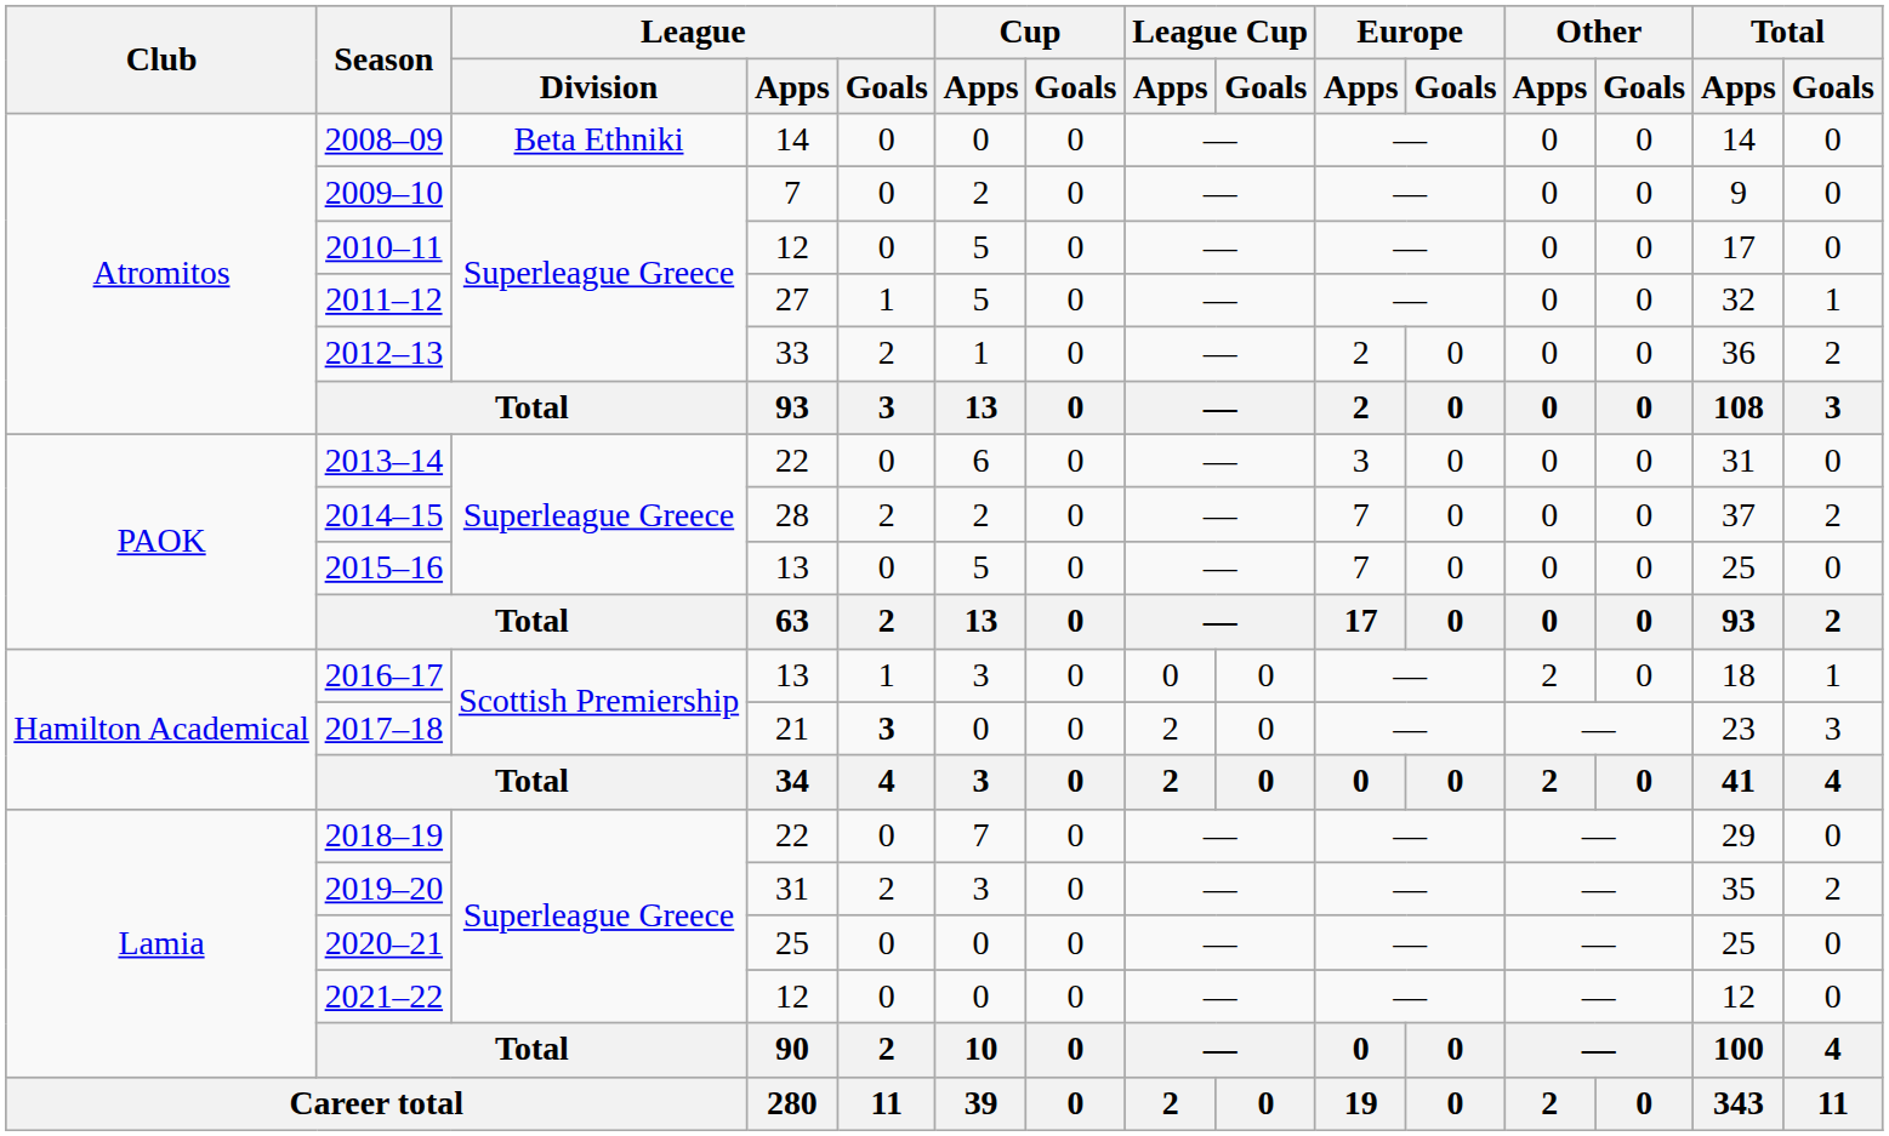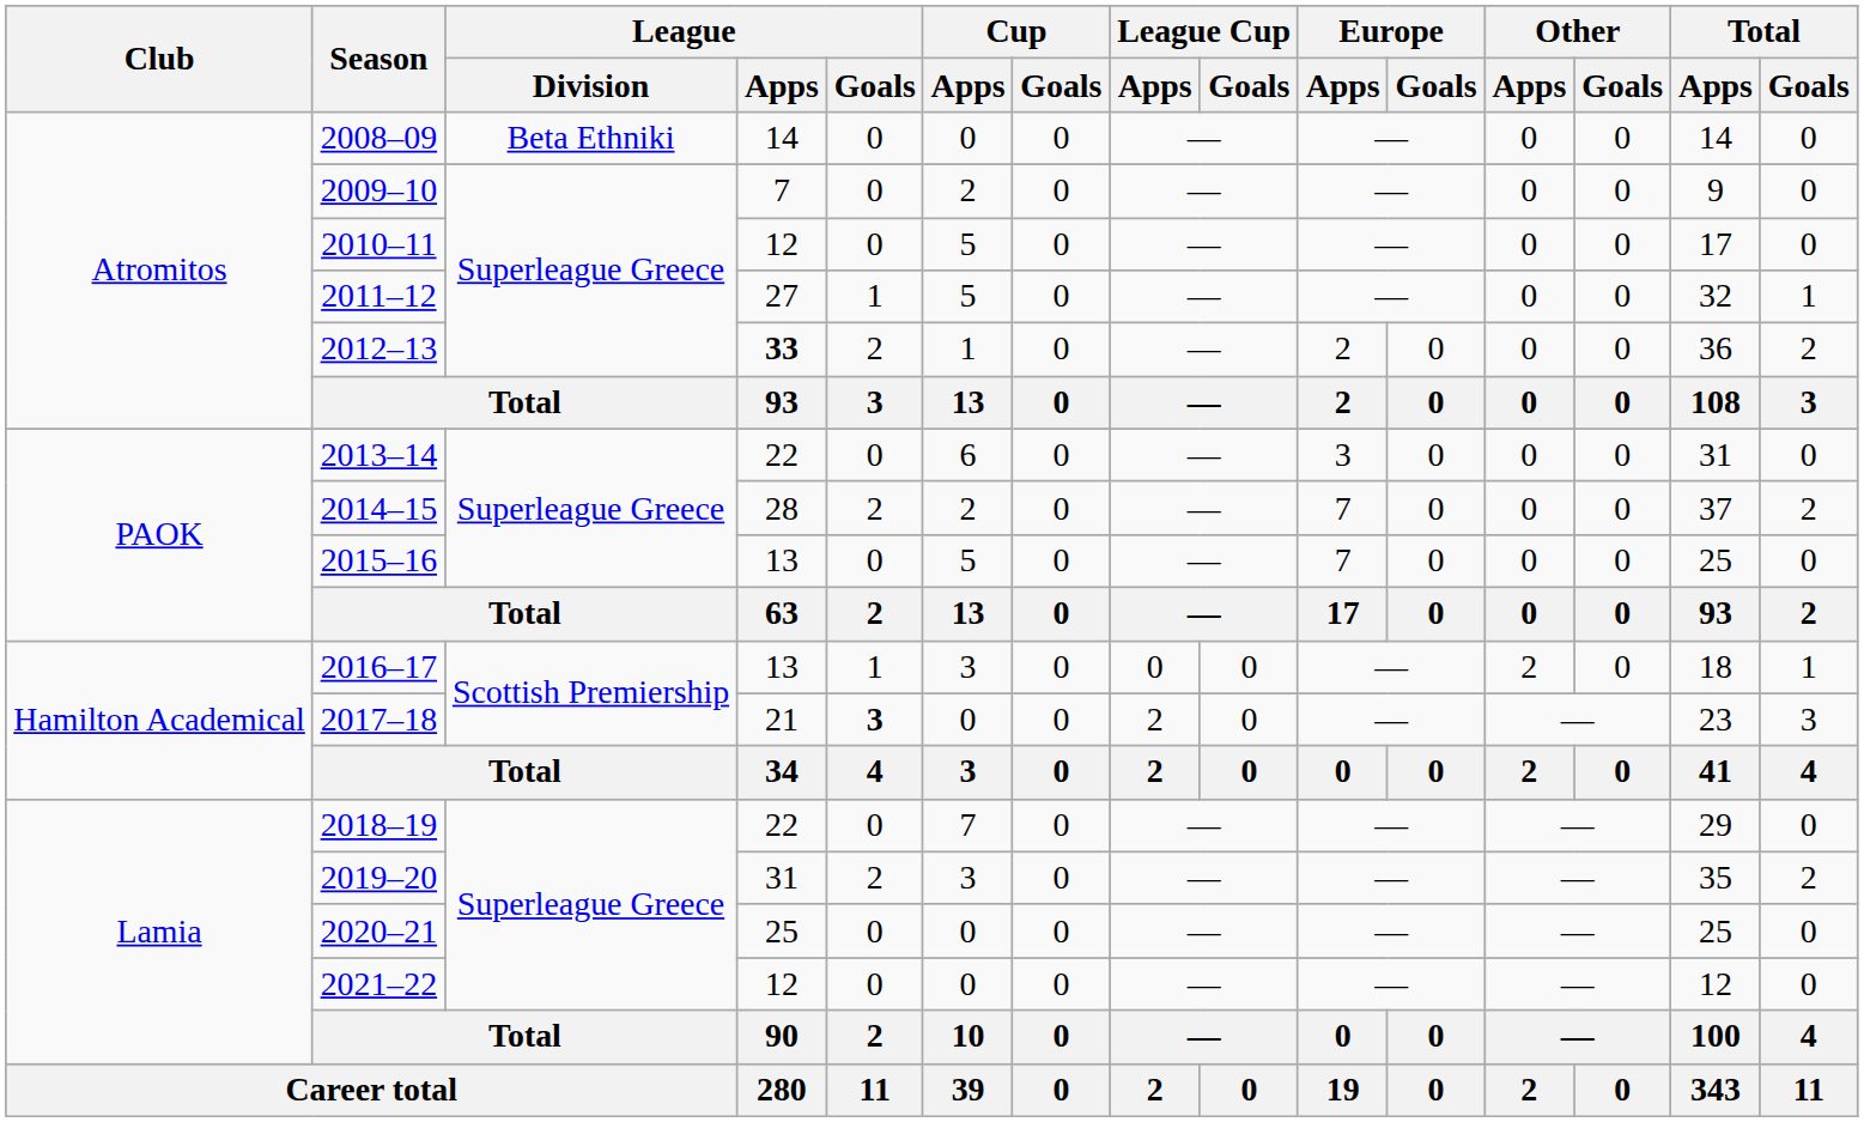 <table class="wikitable" style="text-align:center">
 <tr>
 <th rowspan=2>Club</th>
 <th rowspan=2>Season</th>
 <th colspan=3>League</th>
 <th colspan=2>Cup</th>
 <th colspan=2>League Cup</th>
 <th colspan=2>Europe</th>
 <th colspan=2>Other</th>
 <th colspan=2>Total</th>
 </tr>
 <tr>
 <th>Division</th>
 <th>Apps</th>
 <th>Goals</th>
 <th>Apps</th>
 <th>Goals</th>
 <th>Apps</th>
 <th>Goals</th>
 <th>Apps</th>
 <th>Goals</th>
 <th>Apps</th>
 <th>Goals</th>
 <th>Apps</th>
 <th>Goals</th>
 </tr>
 <tr>
 <td rowspan="6"><a href='#'>Atromitos</a></td>
 <td><a href='#'>2008–09</a></td>
 <td><a href='#'>Beta Ethniki</a></td>
 <td>14</td>
 <td>0</td>
 <td>0</td>
 <td>0</td>
 <td colspan="2">—</td>
 <td colspan="2">—</td>
 <td>0</td>
 <td>0</td>
 <td>14</td>
 <td>0</td>
 </tr>
 <tr>
 <td><a href='#'>2009–10</a></td>
 <td rowspan="4"><a href='#'>Superleague Greece</a></td>
 <td>7</td>
 <td>0</td>
 <td>2</td>
 <td>0</td>
 <td colspan="2">—</td>
 <td colspan="2">—</td>
 <td>0</td>
 <td>0</td>
 <td>9</td>
 <td>0</td>
 </tr>
 <tr>
 <td><a href='#'>2010–11</a></td>
 <td>12</td>
 <td>0</td>
 <td>5</td>
 <td>0</td>
 <td colspan="2">—</td>
 <td colspan="2">—</td>
 <td>0</td>
 <td>0</td>
 <td>17</td>
 <td>0</td>
 </tr>
 <tr>
 <td><a href='#'>2011–12</a></td>
 <td>27</td>
 <td>1</td>
 <td>5</td>
 <td>0</td>
 <td colspan="2">—</td>
 <td colspan="2">—</td>
 <td>0</td>
 <td>0</td>
 <td>32</td>
 <td>1</td>
 </tr>
 <tr>
 <td><a href='#'>2012–13</a></td>
-<td>33</td>
+<td><strong>33</strong></td>
 <td>2</td>
 <td>1</td>
 <td>0</td>
 <td colspan="2">—</td>
 <td>2</td>
 <td>0</td>
 <td>0</td>
 <td>0</td>
 <td>36</td>
 <td>2</td>
 </tr>
 <tr>
 <th colspan="2">Total</th>
 <th>93</th>
 <th>3</th>
 <th>13</th>
 <th>0</th>
 <th colspan="2">—</th>
 <th>2</th>
 <th>0</th>
 <th>0</th>
 <th>0</th>
 <th>108</th>
 <th>3</th>
 </tr>
 <tr>
 <td rowspan="4"><a href='#'>PAOK</a></td>
 <td><a href='#'>2013–14</a></td>
 <td rowspan="3"><a href='#'>Superleague Greece</a></td>
 <td>22</td>
 <td>0</td>
 <td>6</td>
 <td>0</td>
 <td colspan="2">—</td>
 <td>3</td>
 <td>0</td>
 <td>0</td>
 <td>0</td>
 <td>31</td>
 <td>0</td>
 </tr>
 <tr>
 <td><a href='#'>2014–15</a></td>
 <td>28</td>
 <td>2</td>
 <td>2</td>
 <td>0</td>
 <td colspan="2">—</td>
 <td>7</td>
 <td>0</td>
 <td>0</td>
 <td>0</td>
 <td>37</td>
 <td>2</td>
 </tr>
 <tr>
 <td><a href='#'>2015–16</a></td>
 <td>13</td>
 <td>0</td>
 <td>5</td>
 <td>0</td>
 <td colspan="2">—</td>
 <td>7</td>
 <td>0</td>
 <td>0</td>
 <td>0</td>
 <td>25</td>
 <td>0</td>
 </tr>
 <tr>
 <th colspan="2">Total</th>
 <th>63</th>
 <th>2</th>
 <th>13</th>
 <th>0</th>
 <th colspan="2">—</th>
 <th>17</th>
 <th>0</th>
 <th>0</th>
 <th>0</th>
 <th>93</th>
 <th>2</th>
 </tr>
 <tr>
 <td rowspan="3"><a href='#'>Hamilton Academical</a></td>
 <td><a href='#'>2016–17</a></td>
 <td rowspan="2"><a href='#'>Scottish Premiership</a></td>
 <td>13</td>
 <td>1</td>
 <td>3</td>
 <td>0</td>
 <td>0</td>
 <td>0</td>
 <td colspan="2">—</td>
 <td>2</td>
 <td>0</td>
 <td>18</td>
 <td>1</td>
 </tr>
 <tr>
 <td><a href='#'>2017–18</a></td>
 <td>21</td>
 <td><strong>3</strong></td>
 <td>0</td>
 <td>0</td>
 <td>2</td>
 <td>0</td>
 <td colspan="2">—</td>
 <td colspan="2">—</td>
 <td>23</td>
 <td>3</td>
 </tr>
 <tr>
 <th colspan="2">Total</th>
 <th>34</th>
 <th>4</th>
 <th>3</th>
 <th>0</th>
 <th>2</th>
 <th>0</th>
 <th>0</th>
 <th>0</th>
 <th>2</th>
 <th>0</th>
 <th>41</th>
 <th>4</th>
 </tr>
 <tr>
 <td rowspan="5"><a href='#'>Lamia</a></td>
 <td><a href='#'>2018–19</a></td>
 <td rowspan="4"><a href='#'>Superleague Greece</a></td>
 <td>22</td>
 <td>0</td>
 <td>7</td>
 <td>0</td>
 <td colspan="2">—</td>
 <td colspan="2">—</td>
 <td colspan="2">—</td>
 <td>29</td>
 <td>0</td>
 </tr>
 <tr>
 <td><a href='#'>2019–20</a></td>
 <td>31</td>
 <td>2</td>
 <td>3</td>
 <td>0</td>
 <td colspan="2">—</td>
 <td colspan="2">—</td>
 <td colspan="2">—</td>
 <td>35</td>
 <td>2</td>
 </tr>
 <tr>
 <td><a href='#'>2020–21</a></td>
 <td>25</td>
 <td>0</td>
 <td>0</td>
 <td>0</td>
 <td colspan="2">—</td>
 <td colspan="2">—</td>
 <td colspan="2">—</td>
 <td>25</td>
 <td>0</td>
 </tr>
 <tr>
 <td><a href='#'>2021–22</a></td>
 <td>12</td>
 <td>0</td>
 <td>0</td>
 <td>0</td>
 <td colspan="2">—</td>
 <td colspan="2">—</td>
 <td colspan="2">—</td>
 <td>12</td>
 <td>0</td>
 </tr>
 <tr>
 <th colspan="2">Total</th>
 <th>90</th>
 <th>2</th>
 <th>10</th>
 <th>0</th>
 <th colspan="2">—</th>
 <th>0</th>
 <th>0</th>
 <th colspan="2">—</th>
 <th>100</th>
 <th>4</th>
 </tr>
 <tr>
 <th colspan="3">Career total</th>
 <th>280</th>
 <th>11</th>
 <th>39</th>
 <th>0</th>
 <th>2</th>
 <th>0</th>
 <th>19</th>
 <th>0</th>
 <th>2</th>
 <th>0</th>
 <th>343</th>
 <th>11</th>
 </tr>
 </table>
